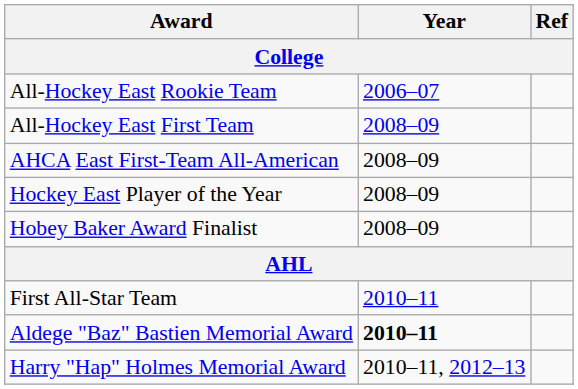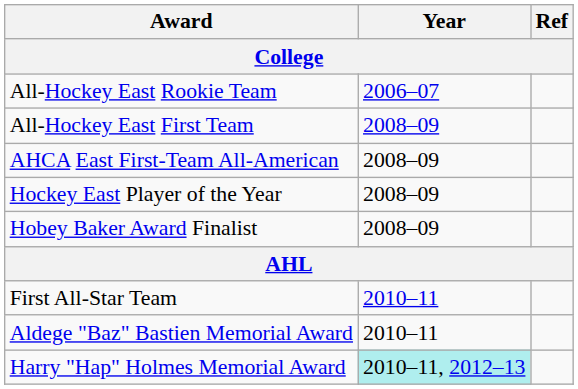 <table class="wikitable">
 <tr>
 <th>Award</th>
 <th>Year</th>
 <th>Ref</th>
 </tr>
 <tr>
 <th colspan="3"><a href='#'>College</a></th>
 </tr>
 <tr>
 <td>All-<a href='#'>Hockey East</a> <a href='#'>Rookie Team</a></td>
 <td><a href='#'>2006–07</a></td>
 <td></td>
 </tr>
 <tr>
 <td>All-<a href='#'>Hockey East</a> <a href='#'>First Team</a></td>
 <td><a href='#'>2008–09</a></td>
 <td></td>
 </tr>
 <tr>
 <td><a href='#'>AHCA</a> <a href='#'>East First-Team All-American</a></td>
 <td>2008–09</td>
 <td></td>
 </tr>
 <tr>
 <td><a href='#'>Hockey East</a> Player of the Year</td>
 <td>2008–09</td>
 <td></td>
 </tr>
 <tr>
 <td><a href='#'>Hobey Baker Award</a> Finalist</td>
 <td>2008–09</td>
 <td></td>
 </tr>
 <tr>
 <th colspan="3"><a href='#'>AHL</a></th>
 </tr>
 <tr>
 <td>First All-Star Team</td>
 <td><a href='#'>2010–11</a></td>
 <td></td>
 </tr>
 <tr>
 <td><a href='#'>Aldege "Baz" Bastien Memorial Award</a></td>
-<td><strong>2010–11</strong></td>
+<td>2010–11</td>
 <td></td>
 </tr>
 <tr>
 <td><a href='#'>Harry "Hap" Holmes Memorial Award</a></td>
-<td>2010–11, <a href='#'>2012–13</a></td>
+<td style="background: paleturquoise;">2010–11, <a href='#'>2012–13</a></td>
 <td></td>
 </tr>
 </table>
